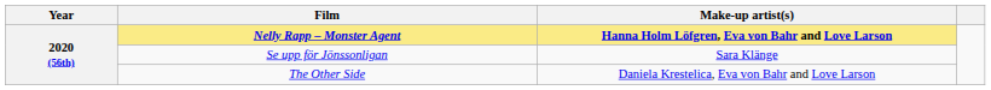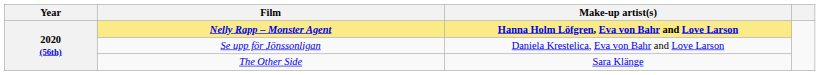 <table class="wikitable" style="text-align:center;">
 <tr>
 <th scope="col" style="width:8%;">Year</th>
 <th scope="col" style="width:30%;">Film</th>
 <th scope="col" style="width:30%;">Make-up artist(s)</th>
 <th scope="col" style="width:2%;" class="unsortable"></th>
 </tr>
 <tr>
 <th scope="row" rowspan=3 style="text-align:center"><strong>2020</strong><br><small><a href='#'>(56th)</a></small></th>
 <td style="background:#FAEB86"><strong><em><a href='#'>Nelly Rapp – Monster Agent</a></em></strong></td>
 <td style="background:#FAEB86"><strong><a href='#'>Hanna Holm Löfgren</a>, <a href='#'>Eva von Bahr</a> and <a href='#'>Love Larson</a></strong></td>
 <td rowspan="3"></td>
 </tr>
 <tr>
 <td><em><a href='#'>Se upp för Jönssonligan</a></em></td>
-<td><a href='#'>Sara Klänge</a></td>
+<td><a href='#'>Daniela Krestelica</a>, <a href='#'>Eva von Bahr</a> and <a href='#'>Love Larson</a></td>
 </tr>
 <tr>
 <td><em><a href='#'>The Other Side</a></em></td>
-<td><a href='#'>Daniela Krestelica</a>, <a href='#'>Eva von Bahr</a> and <a href='#'>Love Larson</a></td>
+<td><a href='#'>Sara Klänge</a></td>
 </tr>
 </table>
